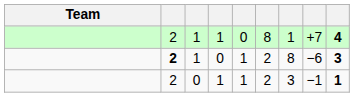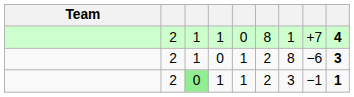 <table class="wikitable" style="text-align:center;">
 <tr>
 <th width=175>Team</th>
 <th width=20></th>
 <th width=20></th>
 <th width=20></th>
 <th width=20></th>
 <th width=20></th>
 <th width=20></th>
 <th width=20></th>
 <th width=20></th>
 </tr>
 <tr bgcolor=ccffcc>
 <td align="left"></td>
 <td>2</td>
 <td>1</td>
 <td>1</td>
 <td>0</td>
 <td>8</td>
 <td>1</td>
 <td>+7</td>
 <td><strong>4</strong></td>
 </tr>
 <tr>
 <td align="left"></td>
-<td><strong>2</strong></td>
+<td>2</td>
 <td>1</td>
 <td>0</td>
 <td>1</td>
 <td>2</td>
 <td>8</td>
 <td>−6</td>
 <td><strong>3</strong></td>
 </tr>
 <tr>
 <td align="left"></td>
 <td>2</td>
-<td>0</td>
+<td style="background: lightgreen;">0</td>
 <td>1</td>
 <td>1</td>
 <td>2</td>
 <td>3</td>
 <td>−1</td>
 <td><strong>1</strong></td>
 </tr>
 </table>
